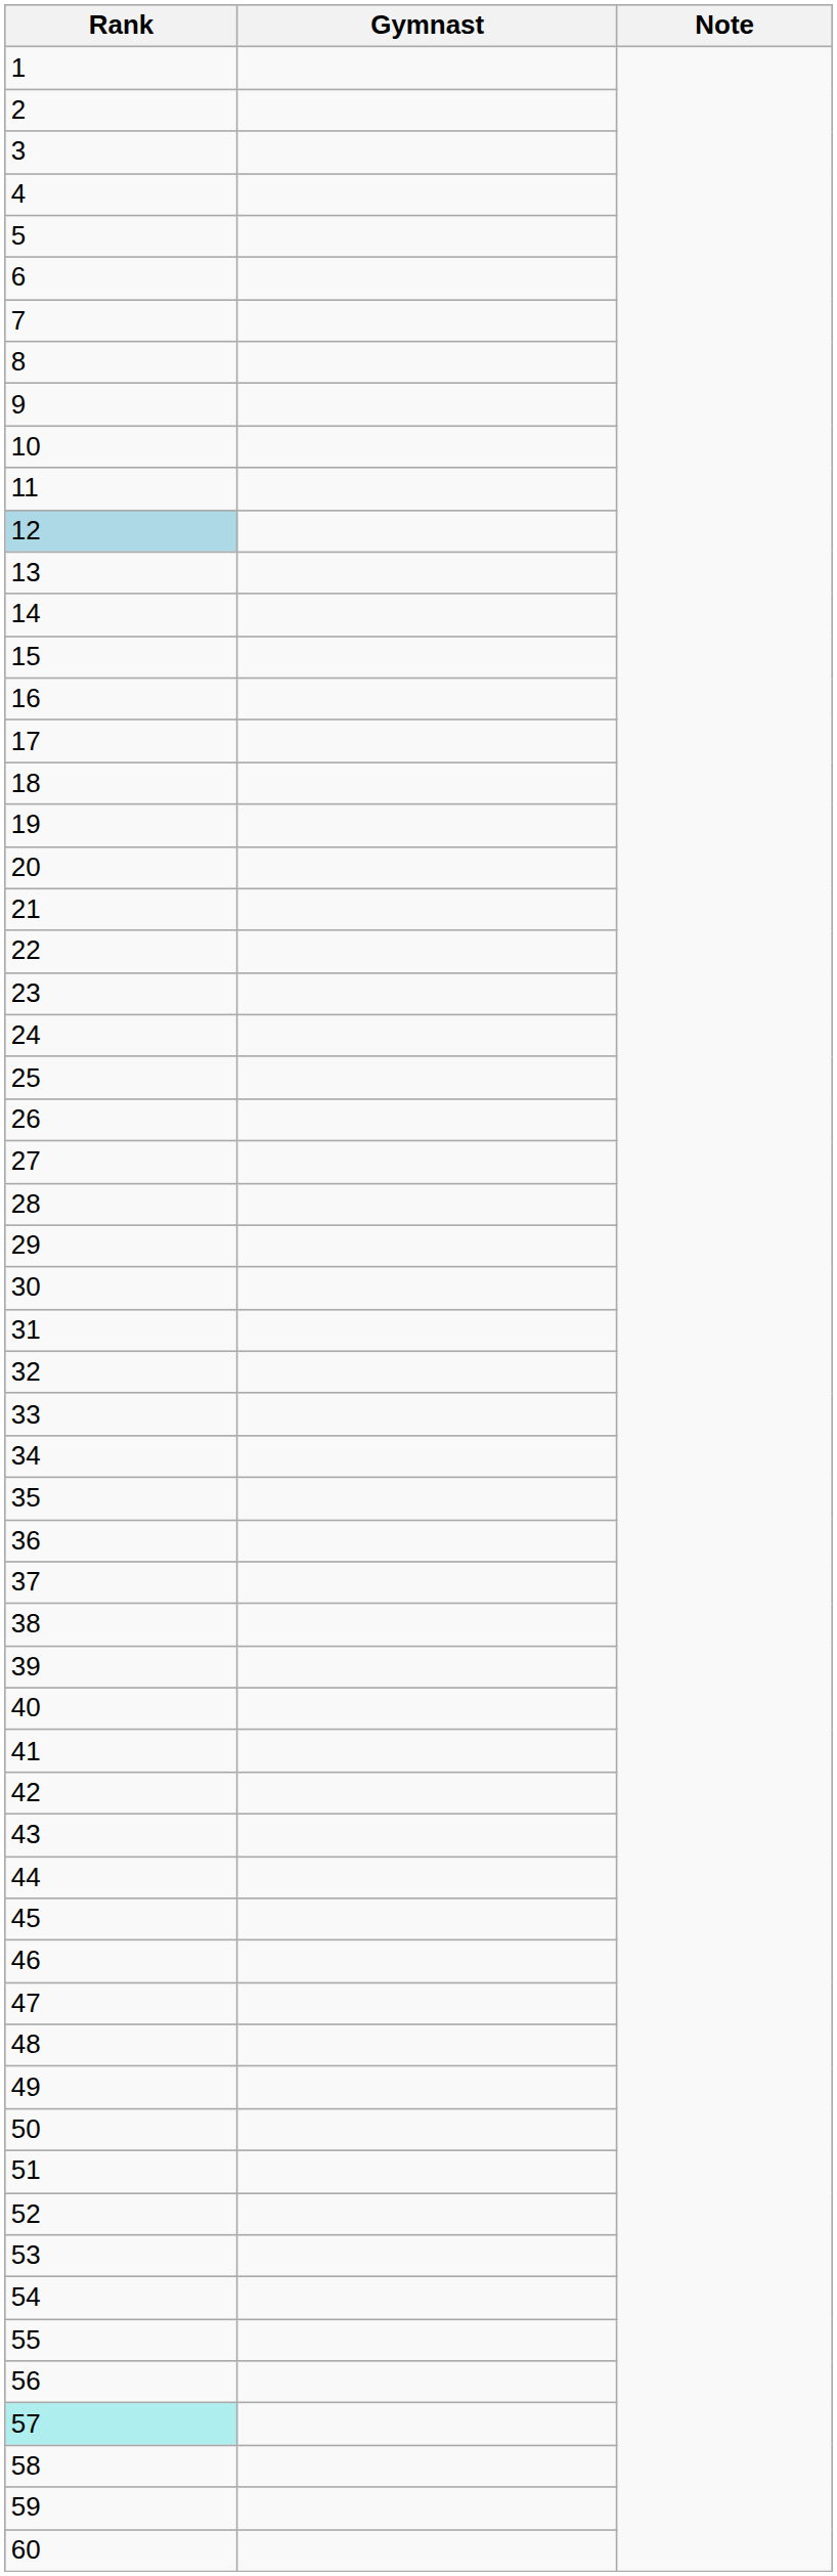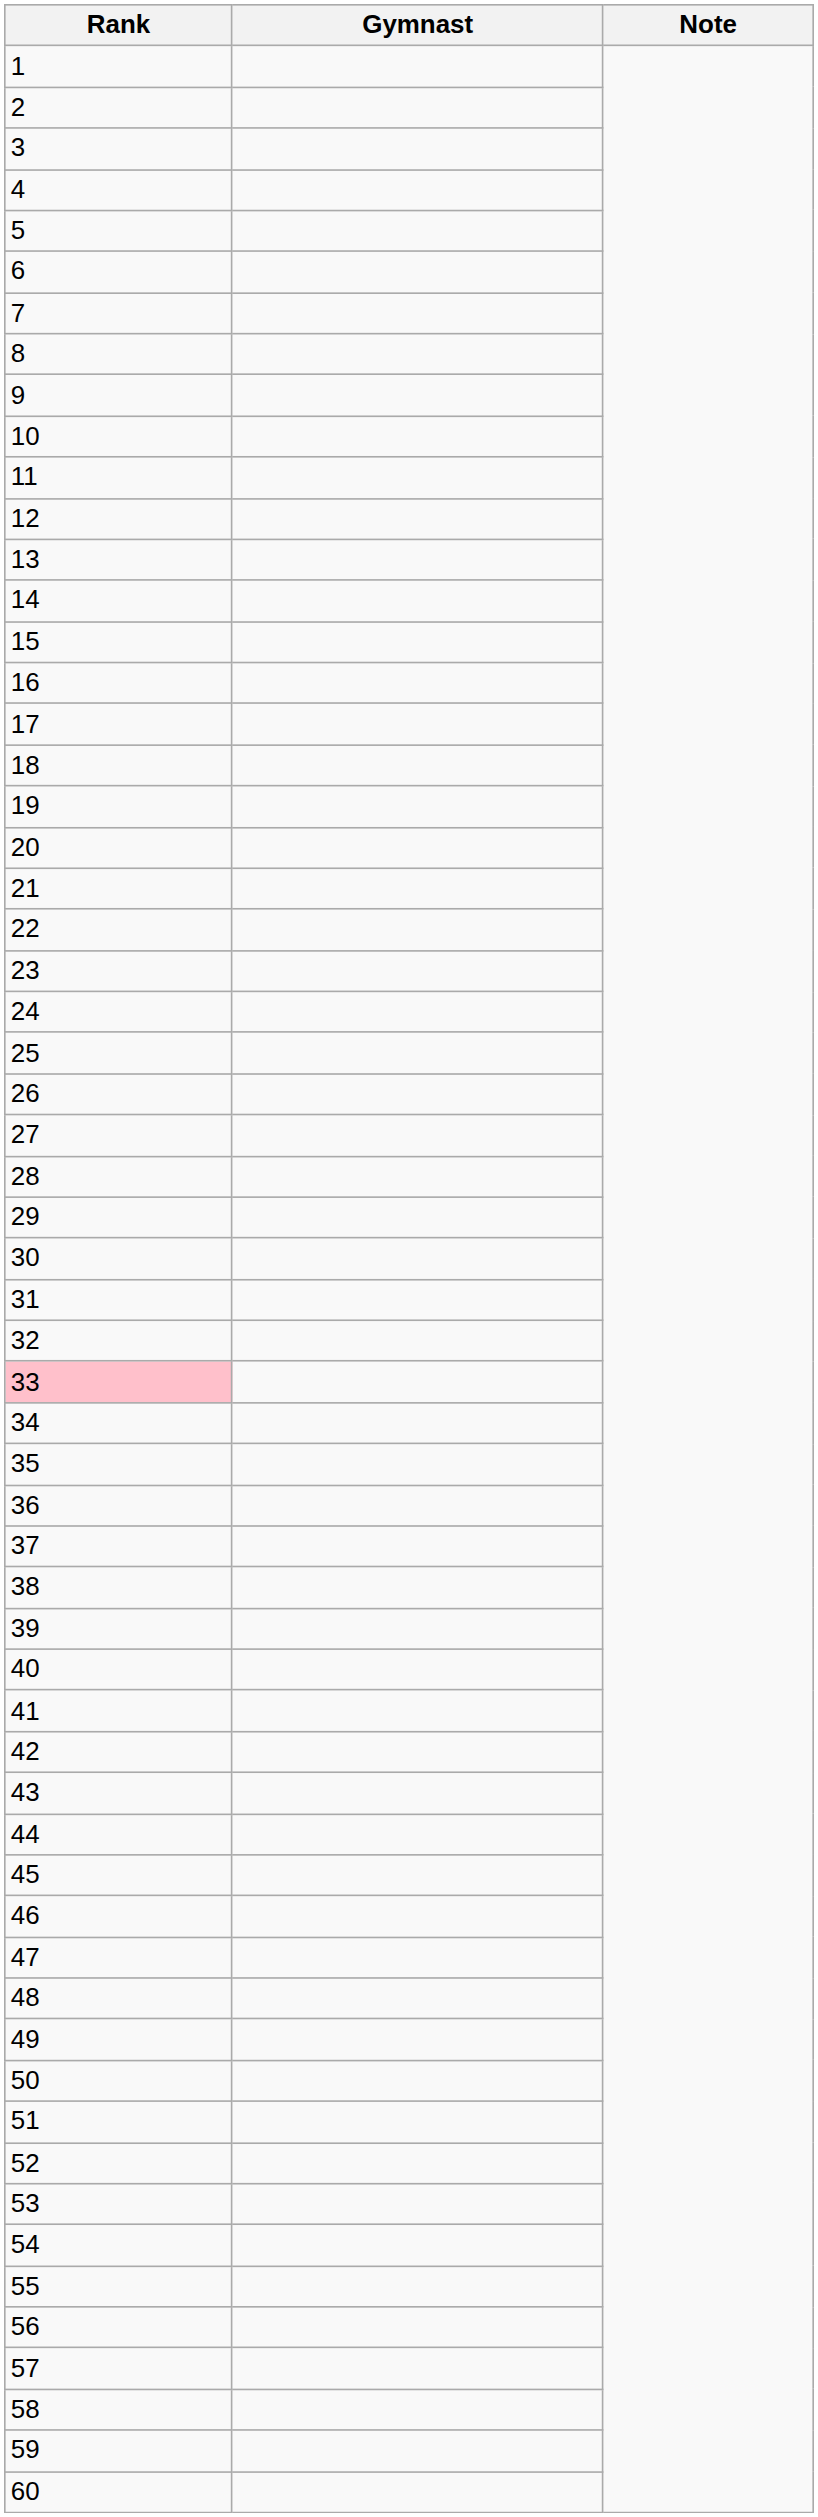 <table class="wikitable" width=500>
 <tr bgcolor="#efefef">
 <th>Rank</th>
 <th>Gymnast</th>
 <th>Note</th>
 </tr>
 <tr>
 <td>1</td>
 <td></td>
 </tr>
 <tr>
 <td>2</td>
 <td></td>
 </tr>
 <tr>
 <td>3</td>
 <td></td>
 </tr>
 <tr>
 <td>4</td>
 <td></td>
 </tr>
 <tr>
 <td>5</td>
 <td></td>
 </tr>
 <tr>
 <td>6</td>
 <td></td>
 </tr>
 <tr>
 <td>7</td>
 <td></td>
 </tr>
 <tr>
 <td>8</td>
 <td></td>
 </tr>
 <tr>
 <td>9</td>
 <td></td>
 </tr>
 <tr>
 <td>10</td>
 <td></td>
 </tr>
 <tr>
 <td>11</td>
 <td></td>
 </tr>
 <tr>
-<td style="background: lightblue;">12</td>
+<td>12</td>
 <td></td>
 </tr>
 <tr>
 <td>13</td>
 <td></td>
 </tr>
 <tr>
 <td>14</td>
 <td></td>
 </tr>
 <tr>
 <td>15</td>
 <td></td>
 </tr>
 <tr>
 <td>16</td>
 <td></td>
 </tr>
 <tr>
 <td>17</td>
 <td></td>
 </tr>
 <tr>
 <td>18</td>
 <td></td>
 </tr>
 <tr>
 <td>19</td>
 <td></td>
 </tr>
 <tr>
 <td>20</td>
 <td></td>
 </tr>
 <tr>
 <td>21</td>
 <td></td>
 </tr>
 <tr>
 <td>22</td>
 <td></td>
 </tr>
 <tr>
 <td>23</td>
 <td></td>
 </tr>
 <tr>
 <td>24</td>
 <td></td>
 </tr>
 <tr>
 <td>25</td>
 <td></td>
 </tr>
 <tr>
 <td>26</td>
 <td></td>
 </tr>
 <tr>
 <td>27</td>
 <td></td>
 </tr>
 <tr>
 <td>28</td>
 <td></td>
 </tr>
 <tr>
 <td>29</td>
 <td></td>
 </tr>
 <tr>
 <td>30</td>
 <td></td>
 </tr>
 <tr>
 <td>31</td>
 <td></td>
 </tr>
 <tr>
 <td>32</td>
 <td></td>
 </tr>
 <tr>
-<td>33</td>
+<td style="background: pink;">33</td>
 <td></td>
 </tr>
 <tr>
 <td>34</td>
 <td></td>
 </tr>
 <tr>
 <td>35</td>
 <td></td>
 </tr>
 <tr>
 <td>36</td>
 <td></td>
 </tr>
 <tr>
 <td>37</td>
 <td></td>
 </tr>
 <tr>
 <td>38</td>
 <td></td>
 </tr>
 <tr>
 <td>39</td>
 <td></td>
 </tr>
 <tr>
 <td>40</td>
 <td></td>
 </tr>
 <tr>
 <td>41</td>
 <td></td>
 </tr>
 <tr>
 <td>42</td>
 <td></td>
 </tr>
 <tr>
 <td>43</td>
 <td></td>
 </tr>
 <tr>
 <td>44</td>
 <td></td>
 </tr>
 <tr>
 <td>45</td>
 <td></td>
 </tr>
 <tr>
 <td>46</td>
 <td></td>
 </tr>
 <tr>
 <td>47</td>
 <td></td>
 </tr>
 <tr>
 <td>48</td>
 <td></td>
 </tr>
 <tr>
 <td>49</td>
 <td></td>
 </tr>
 <tr>
 <td>50</td>
 <td></td>
 </tr>
 <tr>
 <td>51</td>
 <td></td>
 </tr>
 <tr>
 <td>52</td>
 <td></td>
 </tr>
 <tr>
 <td>53</td>
 <td></td>
 </tr>
 <tr>
 <td>54</td>
 <td></td>
 </tr>
 <tr>
 <td>55</td>
 <td></td>
 </tr>
 <tr>
 <td>56</td>
 <td></td>
 </tr>
 <tr>
-<td style="background: paleturquoise;">57</td>
+<td>57</td>
 <td></td>
 </tr>
 <tr>
 <td>58</td>
 <td></td>
 </tr>
 <tr>
 <td>59</td>
 <td></td>
 </tr>
 <tr>
 <td>60</td>
 <td></td>
 </tr>
 </table>
